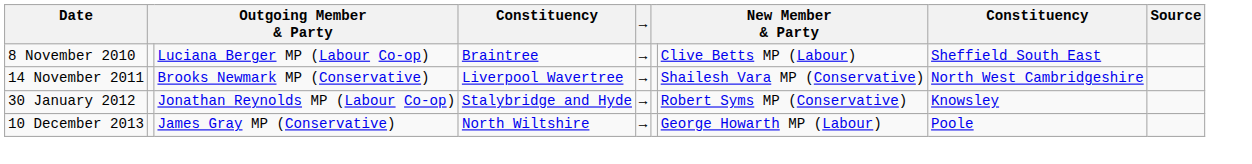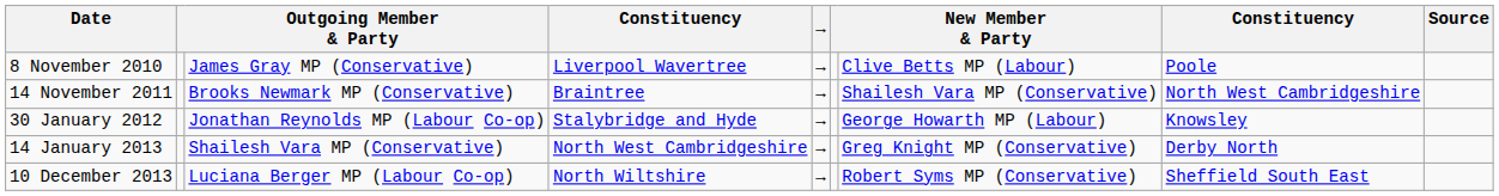 <table class="wikitable">
 <tr>
 <th valign="top">Date</th>
 <th colspan="2" valign="top">Outgoing Member<br>& Party</th>
 <th valign="top">Constituency</th>
 <th>→</th>
 <th colspan="2" valign="top">New Member<br>& Party</th>
 <th valign="top">Constituency</th>
 <th valign="top">Source</th>
 </tr>
 <tr>
 <td nowrap>8 November 2010</td>
 <td style="color:inherit;background:"></td>
-<td><a href='#'>Luciana Berger</a> MP (<a href='#'>Labour</a> <a href='#'>Co-op</a>)</td>
-<td><a href='#'>Braintree</a></td>
+<td><a href='#'>James Gray</a> MP (<a href='#'>Conservative</a>)</td>
+<td><a href='#'>Liverpool Wavertree</a></td>
 <td>→</td>
 <td style="color:inherit;background:"></td>
 <td><a href='#'>Clive Betts</a> MP (<a href='#'>Labour</a>)</td>
-<td><a href='#'>Sheffield South East</a></td>
+<td><a href='#'>Poole</a></td>
 <td></td>
 </tr>
 <tr>
 <td>14 November 2011</td>
 <td style="color:inherit;background:"></td>
 <td><a href='#'>Brooks Newmark</a> MP (<a href='#'>Conservative</a>)</td>
-<td><a href='#'>Liverpool Wavertree</a></td>
+<td><a href='#'>Braintree</a></td>
 <td>→</td>
 <td style="color:inherit;background:"></td>
 <td><a href='#'>Shailesh Vara</a> MP (<a href='#'>Conservative</a>)</td>
 <td><a href='#'>North West Cambridgeshire</a></td>
 <td></td>
 </tr>
 <tr>
 <td>30 January 2012</td>
 <td style="color:inherit;background:"></td>
 <td><a href='#'>Jonathan Reynolds</a> MP (<a href='#'>Labour</a> <a href='#'>Co-op</a>)</td>
 <td><a href='#'>Stalybridge and Hyde</a></td>
 <td>→</td>
 <td style="color:inherit;background:"></td>
-<td><a href='#'>Robert Syms</a> MP (<a href='#'>Conservative</a>)</td>
+<td><a href='#'>George Howarth</a> MP (<a href='#'>Labour</a>)</td>
 <td><a href='#'>Knowsley</a></td>
+<td></td>
+</tr>
+<tr>
+<td>14 January 2013</td>
+<td style="color:inherit;background:"></td>
+<td><a href='#'>Shailesh Vara</a> MP (<a href='#'>Conservative</a>)</td>
+<td><a href='#'>North West Cambridgeshire</a></td>
+<td>→</td>
+<td style="color:inherit;background:"></td>
+<td><a href='#'>Greg Knight</a> MP (<a href='#'>Conservative</a>)</td>
+<td><a href='#'>Derby North</a></td>
 <td></td>
 </tr>
 <tr>
 <td>10 December 2013</td>
 <td style="color:inherit;background:"></td>
-<td><a href='#'>James Gray</a> MP (<a href='#'>Conservative</a>)</td>
+<td><a href='#'>Luciana Berger</a> MP (<a href='#'>Labour</a> <a href='#'>Co-op</a>)</td>
 <td><a href='#'>North Wiltshire</a></td>
 <td>→</td>
 <td style="color:inherit;background:"></td>
-<td><a href='#'>George Howarth</a> MP (<a href='#'>Labour</a>)</td>
-<td><a href='#'>Poole</a></td>
+<td><a href='#'>Robert Syms</a> MP (<a href='#'>Conservative</a>)</td>
+<td><a href='#'>Sheffield South East</a></td>
 <td></td>
 </tr>
 </table>
